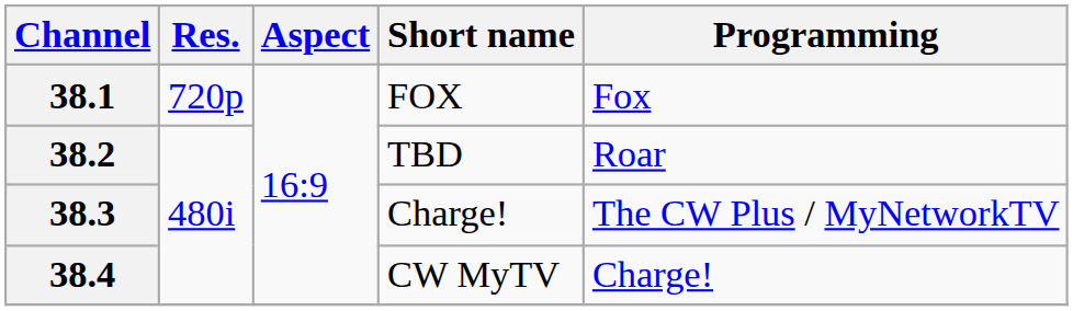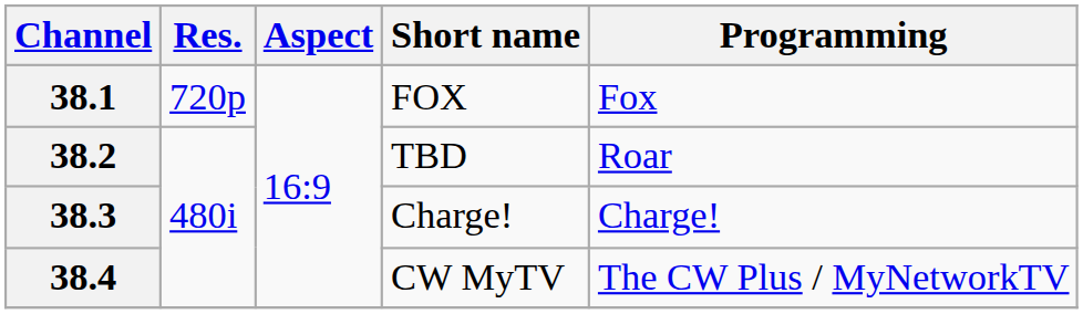 <table class="wikitable">
 <tr>
 <th scope = "col"><a href='#'>Channel</a></th>
 <th scope = "col"><a href='#'>Res.</a></th>
 <th scope = "col"><a href='#'>Aspect</a></th>
 <th scope = "col">Short name</th>
 <th scope = "col">Programming</th>
 </tr>
 <tr>
 <th scope="row">38.1</th>
 <td><a href='#'>720p</a></td>
 <td rowspan=4><a href='#'>16:9</a></td>
 <td>FOX</td>
 <td><a href='#'>Fox</a></td>
 </tr>
 <tr>
 <th scope="row">38.2</th>
 <td rowspan=3><a href='#'>480i</a></td>
 <td>TBD</td>
 <td><a href='#'>Roar</a></td>
 </tr>
 <tr>
 <th scope="row">38.3</th>
 <td>Charge!</td>
-<td><a href='#'>The CW Plus</a> / <a href='#'>MyNetworkTV</a></td>
+<td><a href='#'>Charge!</a></td>
 </tr>
 <tr>
 <th scope="row">38.4</th>
 <td>CW MyTV</td>
-<td><a href='#'>Charge!</a></td>
+<td><a href='#'>The CW Plus</a> / <a href='#'>MyNetworkTV</a></td>
 </tr>
 <tr>
 </tr>
 </table>
